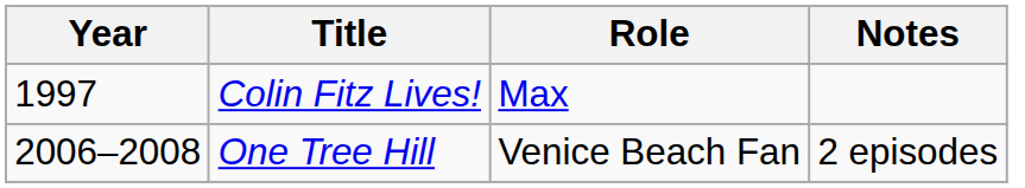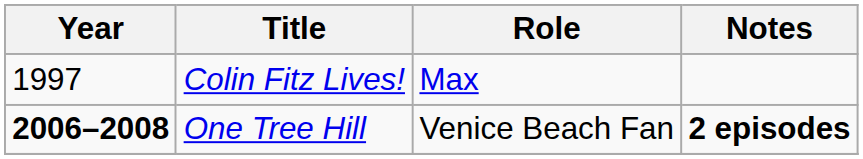 <table class="wikitable sortable">
 <tr>
 <th>Year</th>
 <th>Title</th>
 <th>Role</th>
 <th>Notes</th>
 </tr>
 <tr>
 <td>1997</td>
 <td><em><a href='#'>Colin Fitz Lives!</a></em></td>
 <td><a href='#'>Max</a></td>
 <td></td>
 </tr>
 <tr>
-<td>2006–2008</td>
+<td><strong>2006–2008</strong></td>
 <td><em><a href='#'>One Tree Hill</a></em></td>
 <td>Venice Beach Fan</td>
-<td>2 episodes</td>
+<td><strong>2 episodes</strong></td>
 </tr>
 <tr>
 </tr>
 </table>
